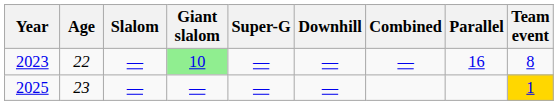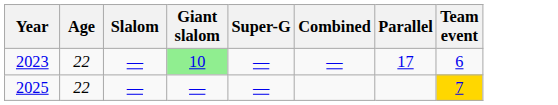 <table class=wikitable style="text-align:center">
 <tr>
 <th>  Year  </th>
 <th> Age </th>
 <th> Slalom </th>
 <th> Giant <br> slalom </th>
 <th>Super-G</th>
-<th>Downhill</th>
 <th>Combined</th>
 <th>Parallel</th>
 <th>Team<br>event</th>
 </tr>
 <tr>
 <td><a href='#'>2023</a></td>
 <td><em>22</em></td>
 <td><a href='#'>—</a></td>
 <td style="background: lightgreen;"><a href='#'>10</a></td>
 <td><a href='#'>—</a></td>
 <td><a href='#'>—</a></td>
-<td><a href='#'>—</a></td>
-<td><a href='#'>16</a></td>
-<td><a href='#'>8</a></td>
+<td><a href='#'>17</a></td>
+<td><a href='#'>6</a></td>
 </tr>
 <tr>
 <td><a href='#'>2025</a></td>
-<td><em>23</em></td>
-<td><a href='#'>—</a></td>
+<td><em>22</em></td>
 <td><a href='#'>—</a></td>
 <td><a href='#'>—</a></td>
 <td><a href='#'>—</a></td>
 <td></td>
 <td></td>
-<td style="background:gold;"><a href='#'>1</a></td>
+<td style="background:gold;"><a href='#'>7</a></td>
 </tr>
 </table>
